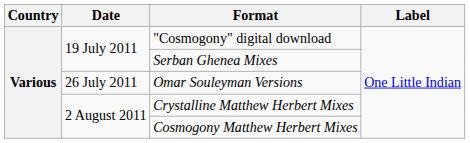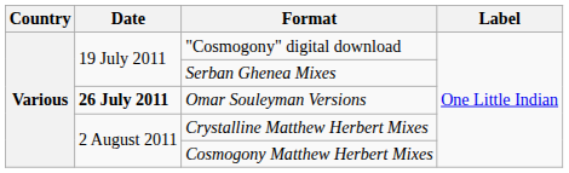 <table class="wikitable plainrowheaders">
 <tr>
 <th>Country</th>
 <th>Date</th>
 <th>Format</th>
 <th>Label</th>
 </tr>
 <tr>
 <th scope="row" rowspan="5">Various</th>
 <td rowspan="2">19 July 2011</td>
 <td>"Cosmogony" digital download</td>
 <td rowspan="5"><a href='#'>One Little Indian</a></td>
 </tr>
 <tr>
 <td><em>Serban Ghenea Mixes</em> </td>
 </tr>
 <tr>
-<td>26 July 2011</td>
+<td><strong>26 July 2011</strong></td>
 <td><em>Omar Souleyman Versions</em> </td>
 </tr>
 <tr>
 <td rowspan="2">2 August 2011</td>
 <td><em>Crystalline Matthew Herbert Mixes</em> </td>
 </tr>
 <tr>
 <td><em>Cosmogony Matthew Herbert Mixes</em> </td>
 </tr>
 </table>
